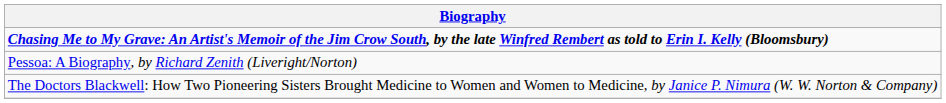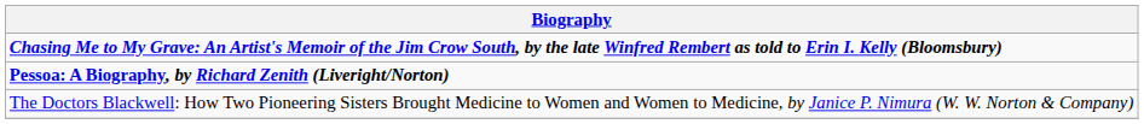 <table class="wikitable" style="float:left; float:none;">
 <tr>
 <th><a href='#'>Biography</a></th>
 </tr>
 <tr>
 <td><strong><em><a href='#'>Chasing Me to My Grave: An Artist's Memoir of the Jim Crow South</a><em>, by the late <a href='#'>Winfred Rembert</a> as told to <a href='#'>Erin I. Kelly</a> (Bloomsbury)<strong></td>
 </tr>
 <tr>
-<td></em><a href='#'>Pessoa: A Biography</a><em>, by <a href='#'>Richard Zenith</a> (Liveright/Norton)</td>
+<td><strong></em><a href='#'>Pessoa: A Biography</a><em>, by <a href='#'>Richard Zenith</a> (Liveright/Norton)</strong></td>
 </tr>
 <tr>
 <td></em><a href='#'>The Doctors Blackwell</a>: How Two Pioneering Sisters Brought Medicine to Women and Women to Medicine<em>, by <a href='#'>Janice P. Nimura</a> (W. W. Norton & Company)</td>
 </tr>
 <tr>
 </tr>
 </table>
